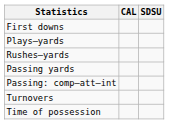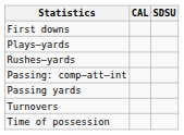 <table class="wikitable" style="float:left">
 <tr>
 <th>Statistics</th>
 <th>CAL</th>
 <th>SDSU</th>
 </tr>
 <tr>
 <td>First downs</td>
 <td></td>
 <td></td>
 </tr>
 <tr>
 <td>Plays–yards</td>
 <td></td>
 <td></td>
 </tr>
 <tr>
 <td>Rushes–yards</td>
 <td></td>
 <td></td>
 </tr>
 <tr>
-<td>Passing yards</td>
+<td>Passing: comp–att–int</td>
 <td></td>
 <td></td>
 </tr>
 <tr>
-<td>Passing: comp–att–int</td>
+<td>Passing yards</td>
 <td></td>
 <td></td>
 </tr>
 <tr>
 <td>Turnovers</td>
 <td></td>
 <td></td>
 </tr>
 <tr>
 <td>Time of possession</td>
 <td></td>
 <td></td>
 </tr>
 </table>
